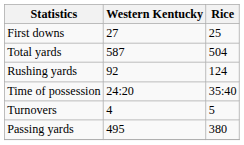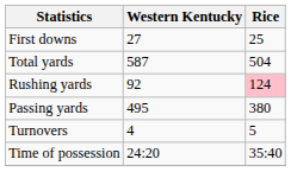 <table class="wikitable">
 <tr>
 <th>Statistics</th>
 <th>Western Kentucky</th>
 <th>Rice</th>
 </tr>
 <tr>
 <td>First downs</td>
 <td>27</td>
 <td>25</td>
 </tr>
 <tr>
 <td>Total yards</td>
 <td>587</td>
 <td>504</td>
 </tr>
 <tr>
 <td>Rushing yards</td>
 <td>92</td>
-<td>124</td>
+<td style="background: pink;">124</td>
+</tr>
+<tr>
+<td>Passing yards</td>
+<td>495</td>
+<td>380</td>
+</tr>
+<tr>
+<td>Turnovers</td>
+<td>4</td>
+<td>5</td>
 </tr>
 <tr>
 <td>Time of possession</td>
 <td>24:20</td>
 <td>35:40</td>
 </tr>
 <tr>
-<td>Turnovers</td>
-<td>4</td>
-<td>5</td>
-</tr>
-<tr>
-<td>Passing yards</td>
-<td>495</td>
-<td>380</td>
-</tr>
-<tr>
 </tr>
 </table>
